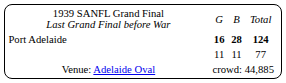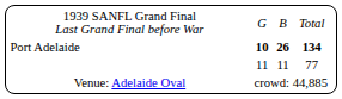 <table style="margin-right:4px; margin-top:8px; float:right; border:1px #000 solid; border-radius:8px; background:#fff; font-family:Verdana; font-size:8pt; text-align:center;">
 <tr>
 <td width=200>1939 SANFL Grand Final<br><em>Last Grand Final before War</em></td>
 <td><em>G</em></td>
 <td><em>B</em></td>
 <td><em>Total</em></td>
 </tr>
 <tr>
 <td style="text-align:left">Port Adelaide</td>
-<td><strong>16</strong></td>
-<td><strong>28</strong></td>
-<td><strong>124</strong></td>
+<td><strong>10</strong></td>
+<td><strong>26</strong></td>
+<td><strong>134</strong></td>
 </tr>
 <tr>
 <td style="text-align:left"></td>
 <td>11</td>
 <td>11</td>
 <td>77</td>
 </tr>
 <tr>
 <td>Venue: <a href='#'>Adelaide Oval</a></td>
 <td colspan=3>crowd: 44,885</td>
 <td colspan=3></td>
 </tr>
 </table>
